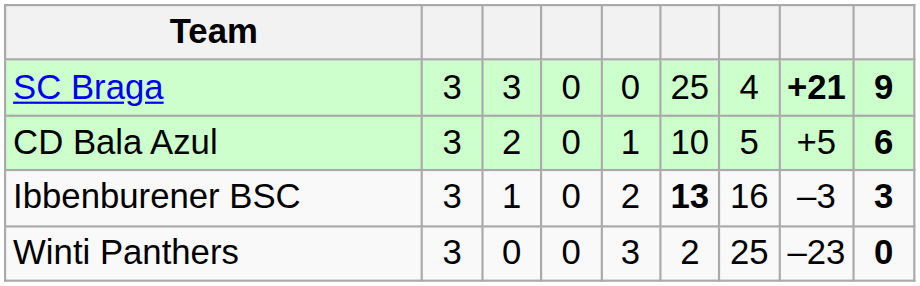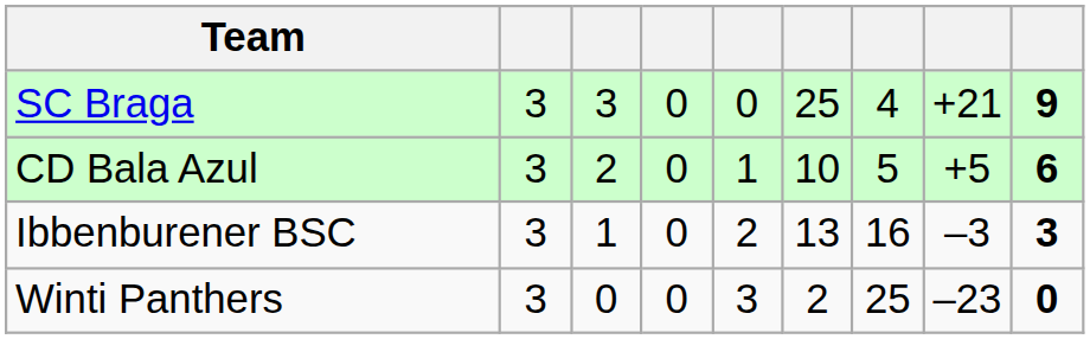 <table class="wikitable" style="text-align: center;">
 <tr>
 <th width="185">Team</th>
 <th width="20"></th>
 <th width="20"></th>
 <th width="20"></th>
 <th width="20"></th>
 <th width="20"></th>
 <th width="20"></th>
 <th width="25"></th>
 <th width="20"></th>
 </tr>
 <tr bgcolor=#ccffcc>
 <td align=left> <a href='#'>SC Braga</a></td>
 <td>3</td>
 <td>3</td>
 <td>0</td>
 <td>0</td>
 <td>25</td>
 <td>4</td>
-<td><strong>+21</strong></td>
+<td>+21</td>
 <td><strong>9</strong></td>
 </tr>
 <tr bgcolor=#ccffcc>
 <td align=left> CD Bala Azul</td>
 <td>3</td>
 <td>2</td>
 <td>0</td>
 <td>1</td>
 <td>10</td>
 <td>5</td>
 <td>+5</td>
 <td><strong>6</strong></td>
 </tr>
 <tr>
 <td align=left> Ibbenburener BSC</td>
 <td>3</td>
 <td>1</td>
 <td>0</td>
 <td>2</td>
-<td><strong>13</strong></td>
+<td>13</td>
 <td>16</td>
 <td>–3</td>
 <td><strong>3</strong></td>
 </tr>
 <tr>
 <td align=left> Winti Panthers</td>
 <td>3</td>
 <td>0</td>
 <td>0</td>
 <td>3</td>
 <td>2</td>
 <td>25</td>
 <td>–23</td>
 <td><strong>0</strong></td>
 </tr>
 </table>
